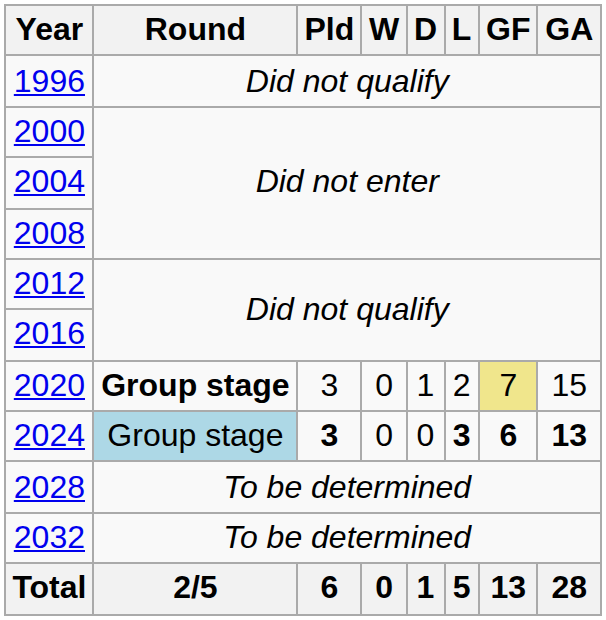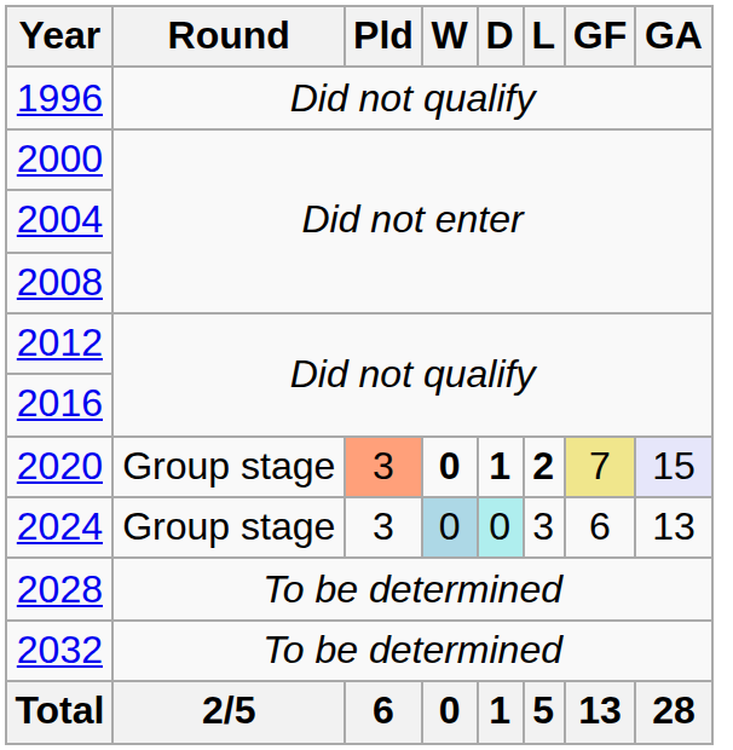 <table class="wikitable" style="text-align: center;">
 <tr>
 <th>Year</th>
 <th>Round</th>
 <th>Pld</th>
 <th>W</th>
 <th>D</th>
 <th>L</th>
 <th>GF</th>
 <th>GA</th>
 </tr>
 <tr>
 <td> <a href='#'>1996</a></td>
 <td colspan=7><em>Did not qualify</em></td>
 </tr>
 <tr>
 <td> <a href='#'>2000</a></td>
 <td colspan=7 rowspan=3><em>Did not enter</em></td>
 </tr>
 <tr>
 <td> <a href='#'>2004</a></td>
 </tr>
 <tr>
 <td> <a href='#'>2008</a></td>
 </tr>
 <tr>
 <td> <a href='#'>2012</a></td>
 <td colspan=7 rowspan=2><em>Did not qualify</em></td>
 </tr>
 <tr>
 <td> <a href='#'>2016</a></td>
 </tr>
 <tr>
 <td> <a href='#'>2020</a></td>
-<td><strong>Group stage</strong></td>
-<td>3</td>
-<td>0</td>
-<td>1</td>
-<td>2</td>
+<td>Group stage</td>
+<td style="background: lightsalmon;">3</td>
+<td><strong>0</strong></td>
+<td><strong>1</strong></td>
+<td><strong>2</strong></td>
 <td style="background: khaki;">7</td>
-<td>15</td>
+<td style="background: lavender;">15</td>
 </tr>
 <tr>
 <td> <a href='#'>2024</a></td>
-<td style="background: lightblue;">Group stage</td>
-<td><strong>3</strong></td>
-<td>0</td>
-<td>0</td>
-<td><strong>3</strong></td>
-<td><strong>6</strong></td>
-<td><strong>13</strong></td>
+<td>Group stage</td>
+<td>3</td>
+<td style="background: lightblue;">0</td>
+<td style="background: paleturquoise;">0</td>
+<td>3</td>
+<td>6</td>
+<td>13</td>
 </tr>
 <tr>
 <td> <a href='#'>2028</a></td>
 <td colspan=8><em>To be determined</em></td>
 </tr>
 <tr>
 <td> <a href='#'>2032</a></td>
 <td colspan=8><em>To be determined</em></td>
 </tr>
 <tr>
 <th>Total</th>
 <th>2/5</th>
 <th>6</th>
 <th>0</th>
 <th>1</th>
 <th>5</th>
 <th>13</th>
 <th>28</th>
 </tr>
 </table>
